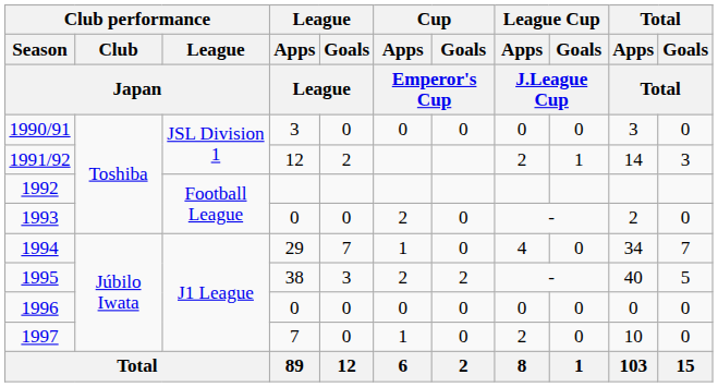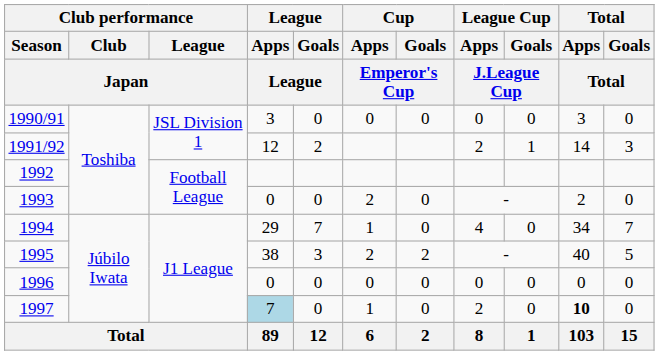 <table class="wikitable" style="text-align:center;">
 <tr>
 <th colspan=3>Club performance</th>
 <th colspan=2>League</th>
 <th colspan=2>Cup</th>
 <th colspan=2>League Cup</th>
 <th colspan=2>Total</th>
 </tr>
 <tr>
 <th>Season</th>
 <th>Club</th>
 <th>League</th>
 <th>Apps</th>
 <th>Goals</th>
 <th>Apps</th>
 <th>Goals</th>
 <th>Apps</th>
 <th>Goals</th>
 <th>Apps</th>
 <th>Goals</th>
 </tr>
 <tr>
 <th colspan=3>Japan</th>
 <th colspan=2>League</th>
 <th colspan=2><a href='#'>Emperor's Cup</a></th>
 <th colspan=2><a href='#'>J.League Cup</a></th>
 <th colspan=2>Total</th>
 </tr>
 <tr>
 <td><a href='#'>1990/91</a></td>
 <td rowspan="4"><a href='#'>Toshiba</a></td>
 <td rowspan="2"><a href='#'>JSL Division 1</a></td>
 <td>3</td>
 <td>0</td>
 <td>0</td>
 <td>0</td>
 <td>0</td>
 <td>0</td>
 <td>3</td>
 <td>0</td>
 </tr>
 <tr>
 <td><a href='#'>1991/92</a></td>
 <td>12</td>
 <td>2</td>
 <td></td>
 <td></td>
 <td>2</td>
 <td>1</td>
 <td>14</td>
 <td>3</td>
 </tr>
 <tr>
 <td><a href='#'>1992</a></td>
 <td rowspan="2"><a href='#'>Football League</a></td>
 <td></td>
 <td></td>
 <td></td>
 <td></td>
 <td></td>
 <td></td>
 <td></td>
 <td></td>
 </tr>
 <tr>
 <td><a href='#'>1993</a></td>
 <td>0</td>
 <td>0</td>
 <td>2</td>
 <td>0</td>
 <td colspan="2">-</td>
 <td>2</td>
 <td>0</td>
 </tr>
 <tr>
 <td><a href='#'>1994</a></td>
 <td rowspan="4"><a href='#'>Júbilo Iwata</a></td>
 <td rowspan="4"><a href='#'>J1 League</a></td>
 <td>29</td>
 <td>7</td>
 <td>1</td>
 <td>0</td>
 <td>4</td>
 <td>0</td>
 <td>34</td>
 <td>7</td>
 </tr>
 <tr>
 <td><a href='#'>1995</a></td>
 <td>38</td>
 <td>3</td>
 <td>2</td>
 <td>2</td>
 <td colspan="2">-</td>
 <td>40</td>
 <td>5</td>
 </tr>
 <tr>
 <td><a href='#'>1996</a></td>
 <td>0</td>
 <td>0</td>
 <td>0</td>
 <td>0</td>
 <td>0</td>
 <td>0</td>
 <td>0</td>
 <td>0</td>
 </tr>
 <tr>
 <td><a href='#'>1997</a></td>
-<td>7</td>
+<td style="background: lightblue;">7</td>
 <td>0</td>
 <td>1</td>
 <td>0</td>
 <td>2</td>
 <td>0</td>
-<td>10</td>
+<td><strong>10</strong></td>
 <td>0</td>
 </tr>
 <tr>
 <th colspan=3>Total</th>
 <th>89</th>
 <th>12</th>
 <th>6</th>
 <th>2</th>
 <th>8</th>
 <th>1</th>
 <th>103</th>
 <th>15</th>
 </tr>
 </table>
